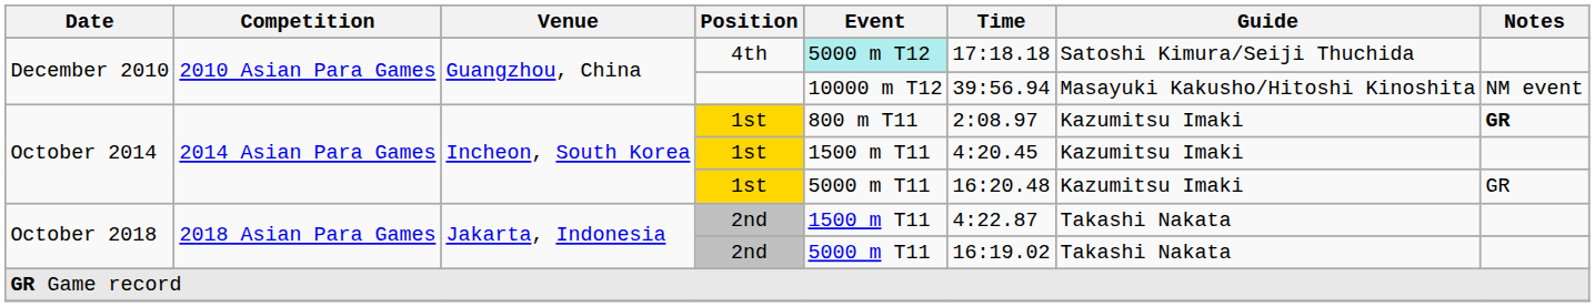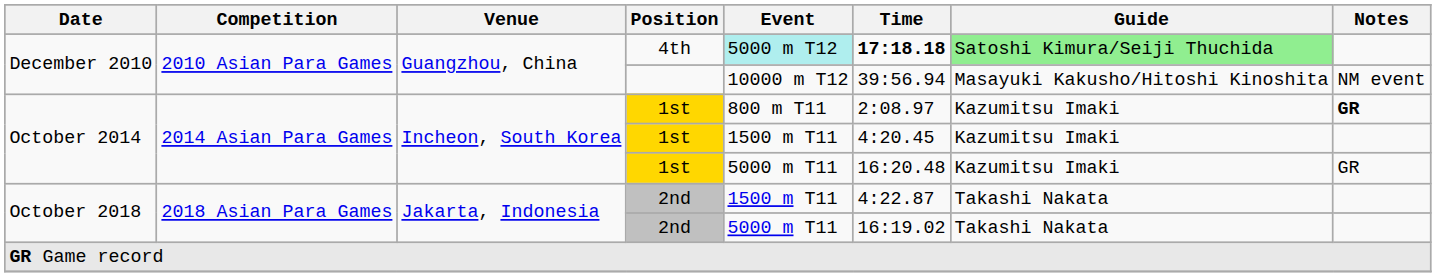 <table class="wikitable" style="font-size:82%; text-align:left">
 <tr>
 <th>Date</th>
 <th>Competition</th>
 <th>Venue</th>
 <th style="white-space:nowrap">Position</th>
 <th>Event</th>
 <th>Time</th>
 <th style="white-space:nowrap">Guide</th>
 <th>Notes</th>
 </tr>
 <tr>
 <td rowspan=2>December 2010</td>
 <td rowspan=2><a href='#'>2010 Asian Para Games</a></td>
 <td rowspan=2><a href='#'>Guangzhou</a>, China</td>
 <td style="text-align:center">4th</td>
 <td style="background: paleturquoise;">5000 m T12</td>
-<td>17:18.18</td>
-<td>Satoshi Kimura/Seiji Thuchida</td>
+<td><strong>17:18.18</strong></td>
+<td style="background: lightgreen;">Satoshi Kimura/Seiji Thuchida</td>
 <td></td>
 </tr>
 <tr>
 <td style="text-align:center"></td>
 <td>10000 m T12</td>
 <td>39:56.94</td>
 <td style="white-space:nowrap">Masayuki Kakusho/Hitoshi Kinoshita</td>
 <td>NM event </td>
 </tr>
 <tr>
 <td rowspan=3>October 2014</td>
 <td rowspan=3><a href='#'>2014 Asian Para Games</a></td>
 <td rowspan=3><a href='#'>Incheon</a>, <a href='#'>South Korea</a></td>
 <td style="background:gold;text-align:center">1st</td>
 <td>800 m T11</td>
 <td>2:08.97</td>
 <td>Kazumitsu Imaki</td>
 <td><strong>GR</strong> </td>
 </tr>
 <tr>
 <td style="background:gold;text-align:center">1st</td>
 <td>1500 m T11</td>
 <td>4:20.45</td>
 <td>Kazumitsu Imaki</td>
 <td></td>
 </tr>
 <tr>
 <td style="background:gold;text-align:center">1st</td>
 <td>5000 m T11</td>
 <td>16:20.48</td>
 <td>Kazumitsu Imaki</td>
 <td>GR </td>
 </tr>
 <tr>
 <td rowspan=2>October 2018</td>
 <td rowspan=2><a href='#'>2018 Asian Para Games</a></td>
 <td rowspan=2><a href='#'>Jakarta</a>, <a href='#'>Indonesia</a></td>
 <td style="background:silver;text-align:center">2nd</td>
 <td><a href='#'>1500 m</a> T11</td>
 <td>4:22.87</td>
 <td>Takashi Nakata</td>
 <td></td>
 </tr>
 <tr>
 <td style="background:silver;text-align:center">2nd</td>
 <td><a href='#'>5000 m</a> T11</td>
 <td>16:19.02</td>
 <td>Takashi Nakata</td>
 <td></td>
 </tr>
 <tr bgcolor= e8e8e8>
 <td colspan=8><strong>GR</strong> Game record</td>
 </tr>
 <tr>
 </tr>
 </table>
